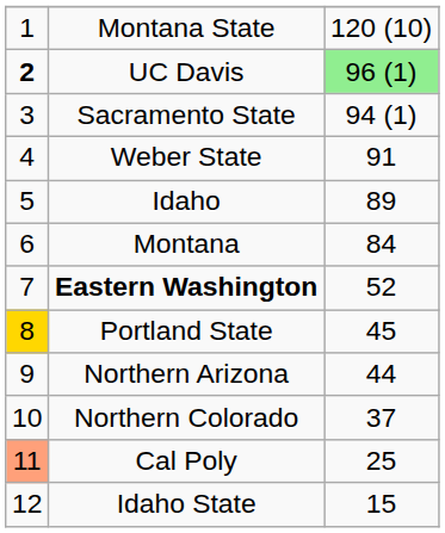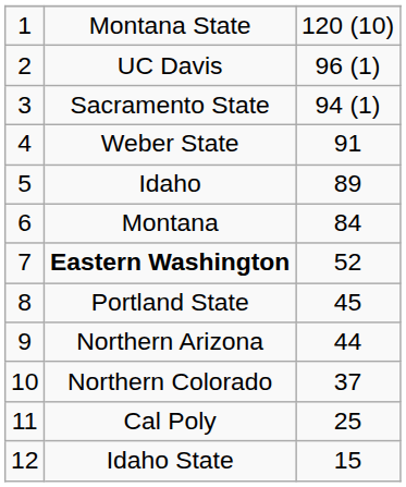 <table class="wikitable" style="display: inline-table;">
 <tr align="center">
 </tr>
 <tr align="center">
 <td>1</td>
 <td>Montana State</td>
 <td>120 (10)</td>
 </tr>
 <tr align="center">
-<td><strong>2</strong></td>
+<td>2</td>
 <td>UC Davis</td>
-<td style="background: lightgreen;">96 (1)</td>
+<td>96 (1)</td>
 </tr>
 <tr align="center">
 <td>3</td>
 <td>Sacramento State</td>
 <td>94 (1)</td>
 </tr>
 <tr align="center">
 <td>4</td>
 <td>Weber State</td>
 <td>91</td>
 </tr>
 <tr align="center">
 <td>5</td>
 <td>Idaho</td>
 <td>89</td>
 </tr>
 <tr align="center">
 <td>6</td>
 <td>Montana</td>
 <td>84</td>
 </tr>
 <tr align="center">
 <td>7</td>
 <td><strong>Eastern Washington</strong></td>
 <td>52</td>
 </tr>
 <tr align="center">
-<td style="background: gold;">8</td>
+<td>8</td>
 <td>Portland State</td>
 <td>45</td>
 </tr>
 <tr align="center">
 <td>9</td>
 <td>Northern Arizona</td>
 <td>44</td>
 </tr>
 <tr align="center">
 <td>10</td>
 <td>Northern Colorado</td>
 <td>37</td>
 </tr>
 <tr align="center">
-<td style="background: lightsalmon;">11</td>
+<td>11</td>
 <td>Cal Poly</td>
 <td>25</td>
 </tr>
 <tr align="center">
 <td>12</td>
 <td>Idaho State</td>
 <td>15</td>
 </tr>
 </table>
